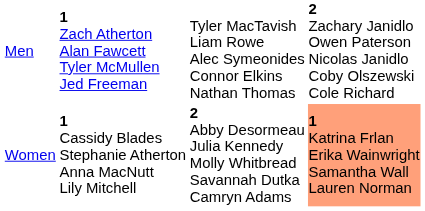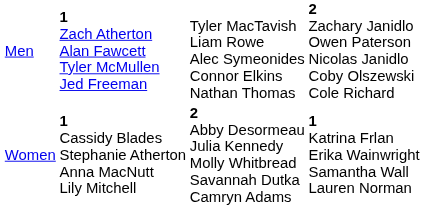 <table>
 <tr>
 <td><a href='#'>Men</a></td>
 <td><strong> 1</strong><br><a href='#'>Zach Atherton</a><br><a href='#'>Alan Fawcett</a><br><a href='#'>Tyler McMullen</a><br><a href='#'>Jed Freeman</a></td>
 <td><strong></strong><br>Tyler MacTavish<br>Liam Rowe<br>Alec Symeonides<br>Connor Elkins<br>Nathan Thomas</td>
 <td><strong> 2</strong><br>Zachary Janidlo<br>Owen Paterson<br>Nicolas Janidlo<br>Coby Olszewski<br>Cole Richard</td>
 </tr>
 <tr>
 <td><a href='#'>Women</a></td>
 <td><strong> 1</strong><br>Cassidy Blades<br>Stephanie Atherton<br>Anna MacNutt<br>Lily Mitchell</td>
 <td><strong> 2</strong><br>Abby Desormeau<br>Julia Kennedy<br>Molly Whitbread<br>Savannah Dutka<br>Camryn Adams</td>
-<td style="background: lightsalmon;"><strong> 1</strong><br>Katrina Frlan<br>Erika Wainwright<br>Samantha Wall<br>Lauren Norman</td>
+<td><strong> 1</strong><br>Katrina Frlan<br>Erika Wainwright<br>Samantha Wall<br>Lauren Norman</td>
 </tr>
 </table>
